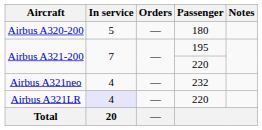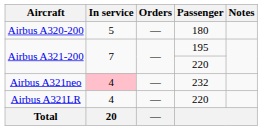 <table class="wikitable" style="margin:0.5em auto;text-align:center">
 <tr>
 <th>Aircraft</th>
 <th>In service</th>
 <th>Orders</th>
 <th>Passenger</th>
 <th>Notes</th>
 </tr>
 <tr>
 <td><a href='#'>Airbus A320-200</a></td>
 <td>5</td>
 <td>—</td>
 <td>180</td>
 <td></td>
 </tr>
 <tr>
 <td rowspan="2"><a href='#'>Airbus A321-200</a></td>
 <td rowspan="2">7</td>
 <td rowspan="2">—</td>
 <td>195</td>
 <td rowspan="2"></td>
 </tr>
 <tr>
 <td>220</td>
 </tr>
 <tr>
 <td><a href='#'>Airbus A321neo</a></td>
-<td>4</td>
+<td style="background: pink;">4</td>
 <td>—</td>
 <td>232</td>
 <td></td>
 </tr>
 <tr>
 <td><a href='#'>Airbus A321LR</a></td>
-<td style="background: lavender;">4</td>
+<td>4</td>
 <td>—</td>
 <td>220</td>
 <td></td>
 </tr>
 <tr>
 <th>Total</th>
 <th>20</th>
 <th>—</th>
 <th colspan="2"></th>
 </tr>
 </table>
